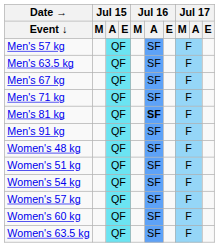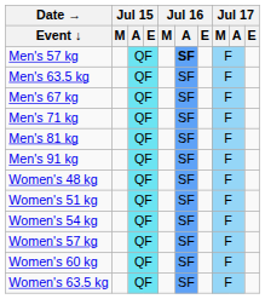 <table class="wikitable" style="margin: auto;">
 <tr>
 <th>Date →</th>
 <th colspan="3">Jul 15</th>
 <th colspan="3">Jul 16</th>
 <th colspan="3">Jul 17</th>
 </tr>
 <tr>
 <th>Event  ↓</th>
 <th>M</th>
 <th>A</th>
 <th>E</th>
 <th>M</th>
 <th>A</th>
 <th>E</th>
 <th>M</th>
 <th>A</th>
 <th>E</th>
 </tr>
 <tr>
 <td class="event"><a href='#'>Men's 57 kg</a></td>
 <td></td>
 <td colspan="2" bgcolor="#6be4f2" align=center>QF</td>
 <td></td>
-<td bgcolor="#5ea2f7" align=center>SF</td>
+<td bgcolor="#5ea2f7" align=center><strong>SF</strong></td>
 <td></td>
 <td colspan="2" bgcolor="#95d6f7" align=center>F</td>
 <td></td>
 </tr>
 <tr>
 <td class="event"><a href='#'>Men's 63.5 kg</a></td>
 <td></td>
 <td colspan="2" bgcolor="#6be4f2" align=center>QF</td>
 <td></td>
 <td bgcolor="#5ea2f7" align=center>SF</td>
 <td></td>
 <td colspan="2" bgcolor="#95d6f7" align=center>F</td>
 <td></td>
 </tr>
 <tr>
 <td class="event"><a href='#'>Men's 67 kg</a></td>
 <td></td>
 <td colspan="2" bgcolor="#6be4f2" align=center>QF</td>
 <td></td>
 <td bgcolor="#5ea2f7" align=center>SF</td>
 <td></td>
 <td colspan="2" bgcolor="#95d6f7" align=center>F</td>
 <td></td>
 </tr>
 <tr>
 <td class="event"><a href='#'>Men's 71 kg</a></td>
 <td></td>
 <td colspan="2" bgcolor="#6be4f2" align=center>QF</td>
 <td></td>
 <td bgcolor="#5ea2f7" align=center>SF</td>
 <td></td>
 <td colspan="2" bgcolor="#95d6f7" align=center>F</td>
 <td></td>
 </tr>
 <tr>
 <td class="event"><a href='#'>Men's 81 kg</a></td>
 <td></td>
 <td colspan="2" bgcolor="#6be4f2" align=center>QF</td>
 <td></td>
-<td bgcolor="#5ea2f7" align=center><strong>SF</strong></td>
+<td bgcolor="#5ea2f7" align=center>SF</td>
 <td></td>
 <td colspan="2" bgcolor="#95d6f7" align=center>F</td>
 <td></td>
 </tr>
 <tr>
 <td class="event"><a href='#'>Men's 91 kg</a></td>
 <td></td>
 <td colspan="2" bgcolor="#6be4f2" align=center>QF</td>
 <td></td>
 <td bgcolor="#5ea2f7" align=center>SF</td>
 <td></td>
 <td colspan="2" bgcolor="#95d6f7" align=center>F</td>
 <td></td>
 </tr>
 <tr>
 <td class="event"><a href='#'>Women's 48 kg</a></td>
 <td></td>
 <td colspan="2" bgcolor="#6be4f2" align=center>QF</td>
 <td></td>
 <td bgcolor="#5ea2f7" align=center>SF</td>
 <td></td>
 <td colspan="2" bgcolor="#95d6f7" align=center>F</td>
 <td></td>
 </tr>
 <tr>
 <td class="event"><a href='#'>Women's 51 kg</a></td>
 <td></td>
 <td colspan="2" bgcolor="#6be4f2" align=center>QF</td>
 <td></td>
 <td bgcolor="#5ea2f7" align=center>SF</td>
 <td></td>
 <td colspan="2" bgcolor="#95d6f7" align=center>F</td>
 <td></td>
 </tr>
 <tr>
 <td class="event"><a href='#'>Women's 54 kg</a></td>
 <td></td>
 <td colspan="2" bgcolor="#6be4f2" align=center>QF</td>
 <td></td>
 <td bgcolor="#5ea2f7" align=center>SF</td>
 <td></td>
 <td colspan="2" bgcolor="#95d6f7" align=center>F</td>
 <td></td>
 </tr>
 <tr>
 <td class="event"><a href='#'>Women's 57 kg</a></td>
 <td></td>
 <td colspan="2" bgcolor="#6be4f2" align=center>QF</td>
 <td></td>
 <td bgcolor="#5ea2f7" align=center>SF</td>
 <td></td>
 <td colspan="2" bgcolor="#95d6f7" align=center>F</td>
 <td></td>
 </tr>
 <tr>
 <td class="event"><a href='#'>Women's 60 kg</a></td>
 <td></td>
 <td colspan="2" bgcolor="#6be4f2" align=center>QF</td>
 <td></td>
 <td bgcolor="#5ea2f7" align=center>SF</td>
 <td></td>
 <td colspan="2" bgcolor="#95d6f7" align=center>F</td>
 <td></td>
 </tr>
 <tr>
 <td class="event"><a href='#'>Women's 63.5 kg</a></td>
 <td></td>
 <td colspan="2" bgcolor="#6be4f2" align=center>QF</td>
 <td></td>
 <td bgcolor="#5ea2f7" align=center>SF</td>
 <td></td>
 <td colspan="2" bgcolor="#95d6f7" align=center>F</td>
 <td></td>
 </tr>
 </table>
